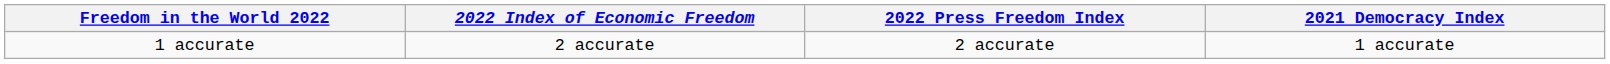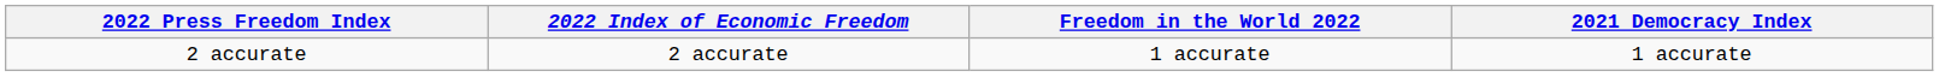 <table class="wikitable sortable" style="text-align:center;">
 <tr>
+<th style="width:19%;"><a href='#'>2022 Press Freedom Index</a></th>
+<th style="width:19%;"><em><a href='#'>2022 Index of Economic Freedom</a></em></th>
 <th style="width:19%;"><a href='#'>Freedom in the World 2022</a></th>
-<th style="width:19%;"><em><a href='#'>2022 Index of Economic Freedom</a></em></th>
-<th style="width:19%;"><a href='#'>2022 Press Freedom Index</a></th>
 <th style="width:19%;"><a href='#'>2021 Democracy Index</a></th>
 </tr>
 <tr>
-<td><span>1</span> accurate</td>
 <td><span>2</span> accurate</td>
 <td><span>2</span> accurate</td>
 <td><span>1</span> accurate</td>
+<td><span>1</span> accurate</td>
 </tr>
 </table>
